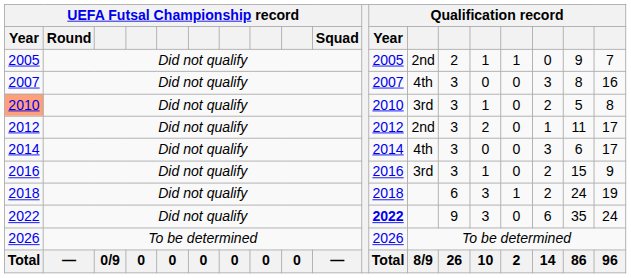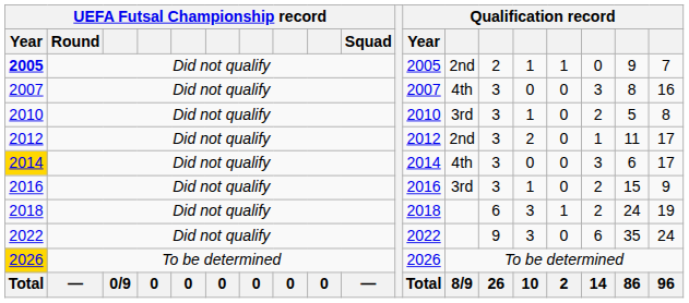 <table class="wikitable" style="text-align: center;">
 <tr>
 <th colspan="10"><a href='#'>UEFA Futsal Championship</a> record</th>
 <th rowspan="13"></th>
 <th colspan="9">Qualification record</th>
 </tr>
 <tr>
 <th>Year</th>
 <th>Round</th>
 <th width=28></th>
 <th width=28></th>
 <th width=28></th>
 <th width=28></th>
 <th width=28></th>
 <th width=28></th>
 <th width=28></th>
 <th width=28>Squad</th>
 <th>Year</th>
 <th width=28></th>
 <th width=28></th>
 <th width=28></th>
 <th width=28></th>
 <th width=28></th>
 <th width=28></th>
 <th width=28></th>
 </tr>
 <tr>
-<td> <a href='#'>2005</a></td>
+<td><strong> <a href='#'>2005</a></strong></td>
 <td colspan="9"><em>Did not qualify</em></td>
 <td> <a href='#'>2005</a></td>
 <td>2nd</td>
 <td>2</td>
 <td>1</td>
 <td>1</td>
 <td>0</td>
 <td>9</td>
 <td>7</td>
 </tr>
 <tr>
 <td> <a href='#'>2007</a></td>
 <td colspan="9"><em>Did not qualify</em></td>
 <td> <a href='#'>2007</a></td>
 <td>4th</td>
 <td>3</td>
 <td>0</td>
 <td>0</td>
 <td>3</td>
 <td>8</td>
 <td>16</td>
 </tr>
 <tr>
-<td style="background: lightsalmon;"> <a href='#'>2010</a></td>
+<td> <a href='#'>2010</a></td>
 <td colspan="9"><em>Did not qualify</em></td>
 <td> <a href='#'>2010</a></td>
 <td>3rd</td>
 <td>3</td>
 <td>1</td>
 <td>0</td>
 <td>2</td>
 <td>5</td>
 <td>8</td>
 </tr>
 <tr>
 <td> <a href='#'>2012</a></td>
 <td colspan="9"><em>Did not qualify</em></td>
 <td> <a href='#'>2012</a></td>
 <td>2nd</td>
 <td>3</td>
 <td>2</td>
 <td>0</td>
 <td>1</td>
 <td>11</td>
 <td>17</td>
 </tr>
 <tr>
-<td> <a href='#'>2014</a></td>
+<td style="background: gold;"> <a href='#'>2014</a></td>
 <td colspan="9"><em>Did not qualify</em></td>
 <td> <a href='#'>2014</a></td>
 <td>4th</td>
 <td>3</td>
 <td>0</td>
 <td>0</td>
 <td>3</td>
 <td>6</td>
 <td>17</td>
 </tr>
 <tr>
 <td> <a href='#'>2016</a></td>
 <td colspan="9"><em>Did not qualify</em></td>
 <td> <a href='#'>2016</a></td>
 <td>3rd</td>
 <td>3</td>
 <td>1</td>
 <td>0</td>
 <td>2</td>
 <td>15</td>
 <td>9</td>
 </tr>
 <tr>
 <td> <a href='#'>2018</a></td>
 <td colspan="9"><em>Did not qualify</em></td>
 <td> <a href='#'>2018</a></td>
 <td></td>
 <td>6</td>
 <td>3</td>
 <td>1</td>
 <td>2</td>
 <td>24</td>
 <td>19</td>
 </tr>
 <tr>
 <td> <a href='#'>2022</a></td>
 <td colspan="9"><em>Did not qualify</em></td>
-<td><strong> <a href='#'>2022</a></strong></td>
+<td> <a href='#'>2022</a></td>
 <td></td>
 <td>9</td>
 <td>3</td>
 <td>0</td>
 <td>6</td>
 <td>35</td>
 <td>24</td>
 </tr>
 <tr>
-<td> <a href='#'>2026</a></td>
+<td style="background: gold;"> <a href='#'>2026</a></td>
 <td colspan="9"><em>To be determined</em></td>
 <td> <a href='#'>2026</a></td>
 <td colspan=7><em>To be determined</em></td>
 </tr>
 <tr>
 <th>Total</th>
 <th>—</th>
 <th>0/9</th>
 <th>0</th>
 <th>0</th>
 <th>0</th>
 <th>0</th>
 <th>0</th>
 <th>0</th>
 <th>—</th>
 <th>Total</th>
 <th>8/9</th>
 <th>26</th>
 <th>10</th>
 <th>2</th>
 <th>14</th>
 <th>86</th>
 <th>96</th>
 </tr>
 </table>
